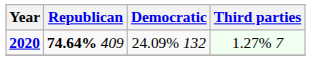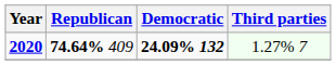 <table class="wikitable" style="float:right; font-size:95%;">
 <tr bgcolor=lightgrey>
 <th>Year</th>
 <th><a href='#'>Republican</a></th>
 <th><a href='#'>Democratic</a></th>
 <th><a href='#'>Third parties</a></th>
 </tr>
 <tr>
 <td style="text-align:center;" ><strong><a href='#'>2020</a></strong></td>
 <td style="text-align:center;" ><strong>74.64%</strong> <em>409</em></td>
-<td style="text-align:center;" >24.09% <em>132</em></td>
+<td style="text-align:center;" ><strong>24.09% <em>132</em></strong></td>
 <td style="text-align:center; background:honeyDew;">1.27% <em>7</em></td>
 </tr>
 <tr>
 </tr>
 </table>
